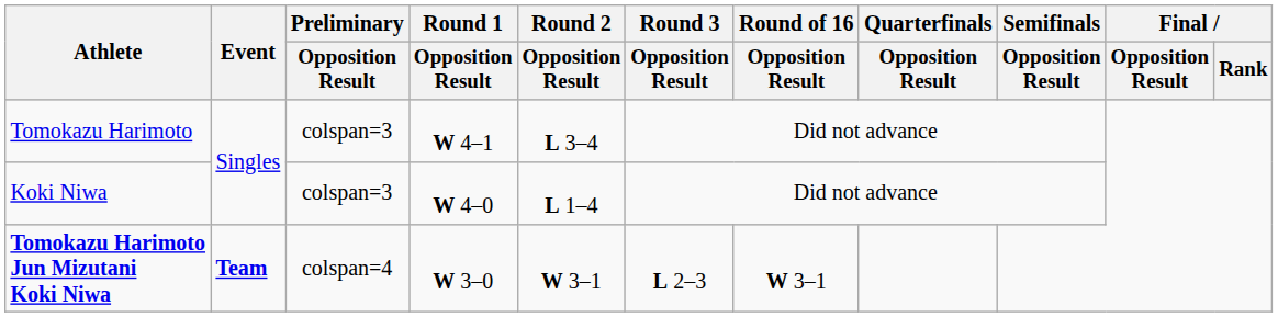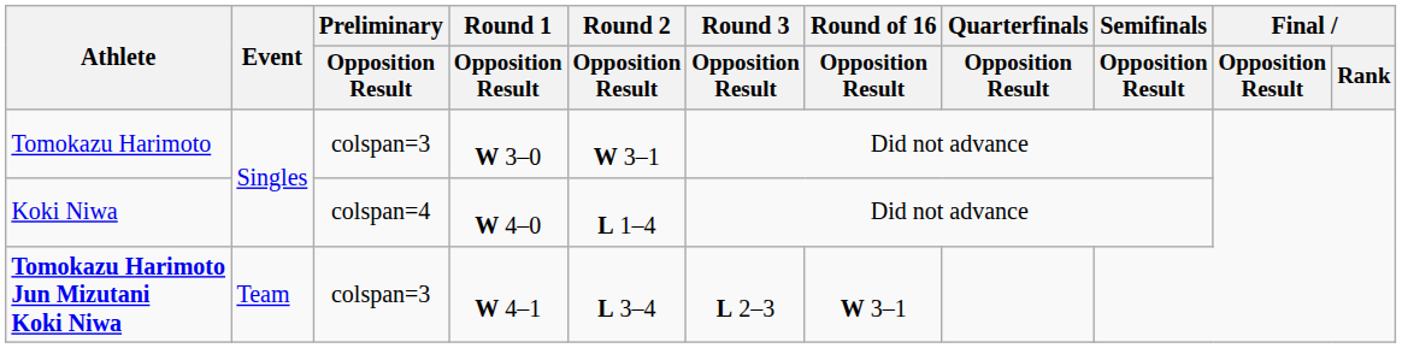 <table class="wikitable" style="font-size:90%;">
 <tr>
 <th rowspan=2>Athlete</th>
 <th rowspan=2>Event</th>
 <th>Preliminary</th>
 <th>Round 1</th>
 <th>Round 2</th>
 <th>Round 3</th>
 <th>Round of 16</th>
 <th>Quarterfinals</th>
 <th>Semifinals</th>
 <th colspan=2>Final / </th>
 </tr>
 <tr style="font-size:95%">
 <th>Opposition<br>Result</th>
 <th>Opposition<br>Result</th>
 <th>Opposition<br>Result</th>
 <th>Opposition<br>Result</th>
 <th>Opposition<br>Result</th>
 <th>Opposition<br>Result</th>
 <th>Opposition<br>Result</th>
 <th>Opposition<br>Result</th>
 <th>Rank</th>
 </tr>
 <tr align=center>
 <td align=left><a href='#'>Tomokazu Harimoto</a></td>
 <td align=left rowspan=2><a href='#'>Singles</a></td>
 <td>colspan=3 </td>
-<td><br><strong>W</strong> 4–1</td>
-<td><br><strong>L</strong> 3–4</td>
+<td><br><strong>W</strong> 3–0</td>
+<td><br><strong>W</strong> 3–1</td>
 <td colspan=4>Did not advance</td>
 </tr>
 <tr align=center>
 <td align=left><a href='#'>Koki Niwa</a></td>
-<td>colspan=3 </td>
+<td>colspan=4 </td>
 <td><br><strong>W</strong> 4–0</td>
 <td><br><strong>L</strong> 1–4</td>
 <td colspan=4>Did not advance</td>
 </tr>
 <tr align=center>
 <td align=left><strong><a href='#'>Tomokazu Harimoto</a><br><a href='#'>Jun Mizutani</a><br><a href='#'>Koki Niwa</a></strong></td>
-<td align=left><strong><a href='#'>Team</a></strong></td>
-<td>colspan=4 </td>
-<td><br><strong>W</strong> 3–0</td>
-<td><br><strong>W</strong> 3–1</td>
+<td align=left><a href='#'>Team</a></td>
+<td>colspan=3 </td>
+<td><br><strong>W</strong> 4–1</td>
+<td><br><strong>L</strong> 3–4</td>
 <td><br><strong>L</strong> 2–3</td>
 <td><br><strong>W</strong> 3–1</td>
 <td></td>
 </tr>
 </table>
